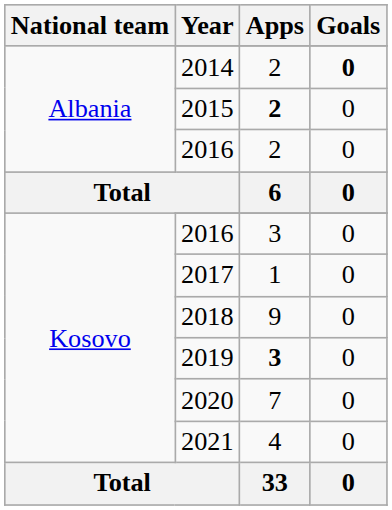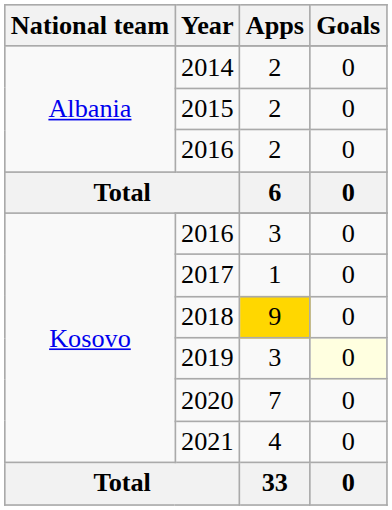 <table class="wikitable" style="text-align:center">
 <tr>
 <th>National team</th>
 <th>Year</th>
 <th>Apps</th>
 <th>Goals</th>
 </tr>
 <tr>
 <td rowspan="4"><a href='#'>Albania</a></td>
 </tr>
 <tr>
 <td>2014</td>
 <td>2</td>
-<td><strong>0</strong></td>
+<td>0</td>
 </tr>
 <tr>
 <td>2015</td>
-<td><strong>2</strong></td>
+<td>2</td>
 <td>0</td>
 </tr>
 <tr>
 <td>2016</td>
 <td>2</td>
 <td>0</td>
 </tr>
 <tr>
 <th colspan="2">Total</th>
 <th>6</th>
 <th>0</th>
 </tr>
 <tr>
 <td rowspan="7"><a href='#'>Kosovo</a></td>
 </tr>
 <tr>
 <td>2016</td>
 <td>3</td>
 <td>0</td>
 </tr>
 <tr>
 <td>2017</td>
 <td>1</td>
 <td>0</td>
 </tr>
 <tr>
 <td>2018</td>
-<td>9</td>
+<td style="background: gold;">9</td>
 <td>0</td>
 </tr>
 <tr>
 <td>2019</td>
-<td><strong>3</strong></td>
-<td>0</td>
+<td>3</td>
+<td style="background: lightyellow;">0</td>
 </tr>
 <tr>
 <td>2020</td>
 <td>7</td>
 <td>0</td>
 </tr>
 <tr>
 <td>2021</td>
 <td>4</td>
 <td>0</td>
 </tr>
 <tr>
 <th colspan="2">Total</th>
 <th>33</th>
 <th>0</th>
 </tr>
 </table>
